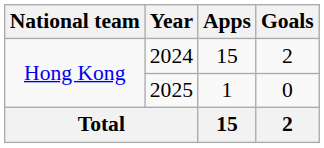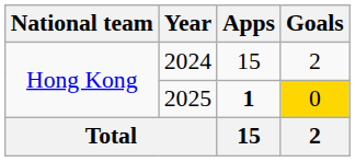 <table class="wikitable" style="text-align:center">
 <tr>
 <th>National team</th>
 <th>Year</th>
 <th>Apps</th>
 <th>Goals</th>
 </tr>
 <tr>
 <td rowspan="2"><a href='#'>Hong Kong</a></td>
 <td>2024</td>
 <td>15</td>
 <td>2</td>
 </tr>
 <tr>
 <td>2025</td>
-<td>1</td>
-<td>0</td>
+<td><strong>1</strong></td>
+<td style="background: gold;">0</td>
 </tr>
 <tr>
 <th colspan="2">Total</th>
 <th>15</th>
 <th>2</th>
 </tr>
 </table>
